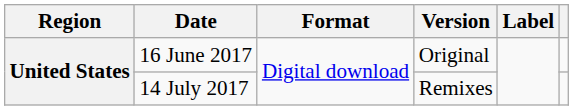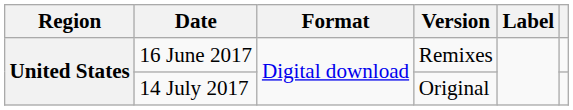 <table class="wikitable plainrowheaders">
 <tr>
 <th>Region</th>
 <th>Date</th>
 <th>Format</th>
 <th>Version</th>
 <th>Label</th>
 <th></th>
 </tr>
 <tr>
 <th scope="row" rowspan="2">United States</th>
 <td>16 June 2017</td>
 <td rowspan="2"><a href='#'>Digital download</a></td>
-<td>Original</td>
+<td>Remixes</td>
 <td rowspan="2"></td>
 <td></td>
 </tr>
 <tr>
 <td>14 July 2017</td>
-<td>Remixes</td>
+<td>Original</td>
 <td></td>
 </tr>
 </table>
